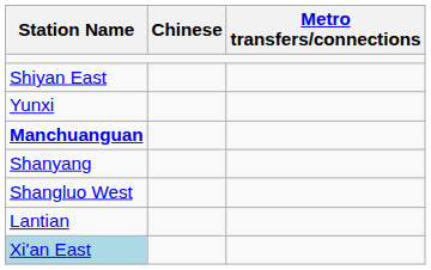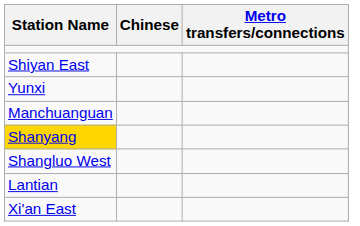 <table class="wikitable">
 <tr>
 <th>Station Name</th>
 <th>Chinese<br></th>
 <th><a href='#'>Metro</a><br>transfers/connections<br> </th>
 </tr>
 <tr style="background:#">
 <td colspan = "11"></td>
 </tr>
 <tr>
 <td><a href='#'>Shiyan East</a></td>
 <td></td>
 <td></td>
 </tr>
 <tr>
 <td><a href='#'>Yunxi</a></td>
 <td></td>
 <td></td>
 </tr>
 <tr>
-<td><strong><a href='#'>Manchuanguan</a></strong></td>
+<td><a href='#'>Manchuanguan</a></td>
 <td></td>
 <td></td>
 </tr>
 <tr>
-<td><a href='#'>Shanyang</a></td>
+<td style="background: gold;"><a href='#'>Shanyang</a></td>
 <td></td>
 <td></td>
 </tr>
 <tr>
 <td><a href='#'>Shangluo West</a></td>
 <td></td>
 <td></td>
 </tr>
 <tr>
 <td><a href='#'>Lantian</a></td>
 <td></td>
 <td></td>
 </tr>
 <tr>
-<td style="background: lightblue;"><a href='#'>Xi'an East</a></td>
+<td><a href='#'>Xi'an East</a></td>
 <td></td>
 <td></td>
 </tr>
 </table>
